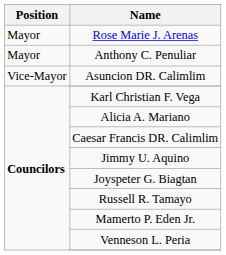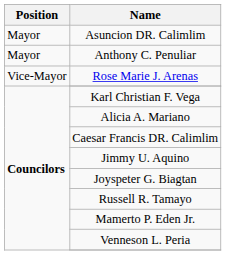 <table class="wikitable" style="line-height:1.20em; font-size:100%;">
 <tr>
 <th>Position</th>
 <th>Name</th>
 </tr>
 <tr>
 <td>Mayor</td>
-<td style="text-align:center;"><a href='#'>Rose Marie J. Arenas</a></td>
+<td style="text-align:center;">Asuncion DR. Calimlim</td>
 </tr>
 <tr>
 <td>Mayor</td>
 <td style="text-align:center;">Anthony C. Penuliar</td>
 </tr>
 <tr>
 <td>Vice-Mayor</td>
-<td style="text-align:center;">Asuncion DR. Calimlim</td>
+<td style="text-align:center;"><a href='#'>Rose Marie J. Arenas</a></td>
 </tr>
 <tr>
 <td rowspan=13><strong>Councilors</strong></td>
 </tr>
 <tr>
 <td style="text-align:center;">Karl Christian F. Vega</td>
 </tr>
 <tr>
 <td style="text-align:center;">Alicia A. Mariano</td>
 </tr>
 <tr>
 <td style="text-align:center;">Caesar Francis DR. Calimlim</td>
 </tr>
 <tr>
 <td style="text-align:center;">Jimmy U. Aquino</td>
 </tr>
 <tr>
 <td style="text-align:center;">Joyspeter G. Biagtan</td>
 </tr>
 <tr>
 <td style="text-align:center;">Russell R. Tamayo</td>
 </tr>
 <tr>
 <td style="text-align:center;">Mamerto P. Eden Jr.</td>
 </tr>
 <tr>
 <td style="text-align:center;">Venneson L. Peria</td>
 </tr>
 <tr>
 </tr>
 </table>
